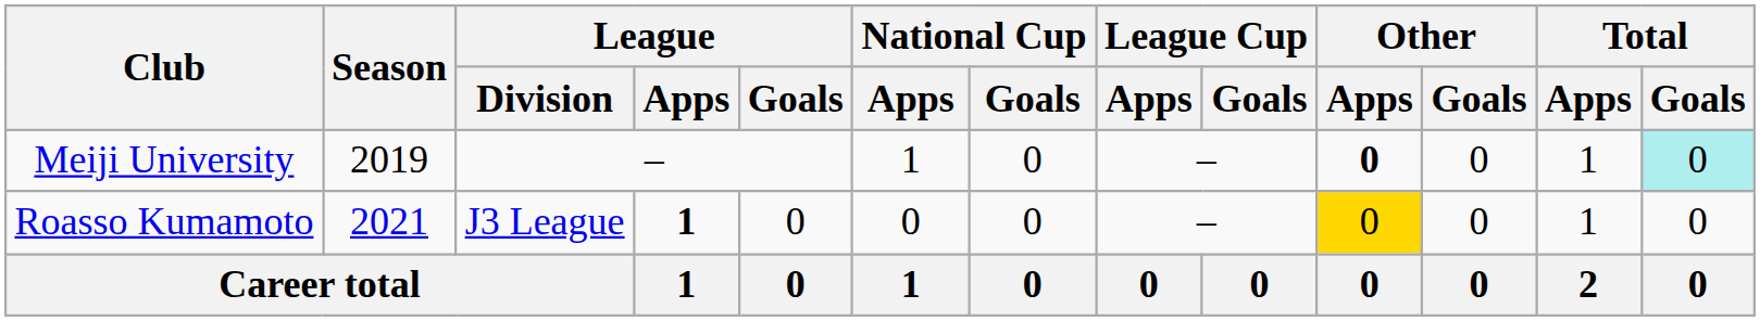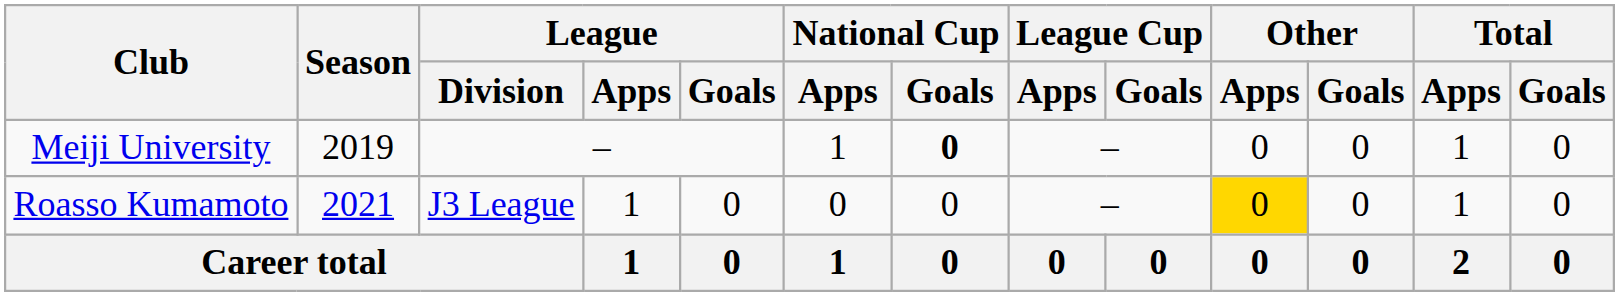 <table class="wikitable" style="text-align: center">
 <tr>
 <th rowspan="2">Club</th>
 <th rowspan="2">Season</th>
 <th colspan="3">League</th>
 <th colspan="2">National Cup</th>
 <th colspan="2">League Cup</th>
 <th colspan="2">Other</th>
 <th colspan="2">Total</th>
 </tr>
 <tr>
 <th>Division</th>
 <th>Apps</th>
 <th>Goals</th>
 <th>Apps</th>
 <th>Goals</th>
 <th>Apps</th>
 <th>Goals</th>
 <th>Apps</th>
 <th>Goals</th>
 <th>Apps</th>
 <th>Goals</th>
 </tr>
 <tr>
 <td><a href='#'>Meiji University</a></td>
 <td>2019</td>
 <td colspan="3">–</td>
 <td>1</td>
+<td><strong>0</strong></td>
+<td colspan="2">–</td>
 <td>0</td>
-<td colspan="2">–</td>
-<td><strong>0</strong></td>
 <td>0</td>
 <td>1</td>
-<td style="background: paleturquoise;">0</td>
+<td>0</td>
 </tr>
 <tr>
 <td><a href='#'>Roasso Kumamoto</a></td>
 <td><a href='#'>2021</a></td>
 <td><a href='#'>J3 League</a></td>
-<td><strong>1</strong></td>
+<td>1</td>
 <td>0</td>
 <td>0</td>
 <td>0</td>
 <td colspan="2">–</td>
 <td style="background: gold;">0</td>
 <td>0</td>
 <td>1</td>
 <td>0</td>
 </tr>
 <tr>
 <th colspan=3>Career total</th>
 <th>1</th>
 <th>0</th>
 <th>1</th>
 <th>0</th>
 <th>0</th>
 <th>0</th>
 <th>0</th>
 <th>0</th>
 <th>2</th>
 <th>0</th>
 </tr>
 </table>
